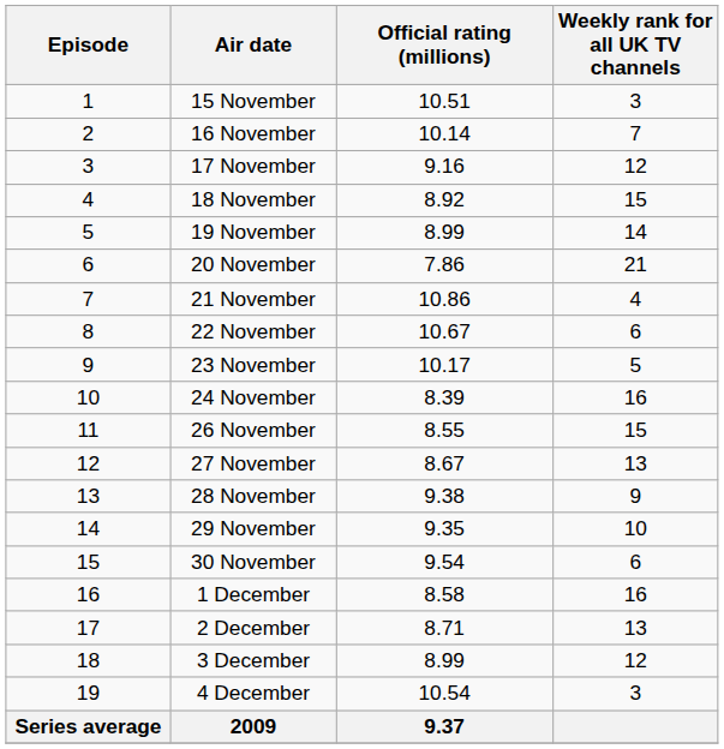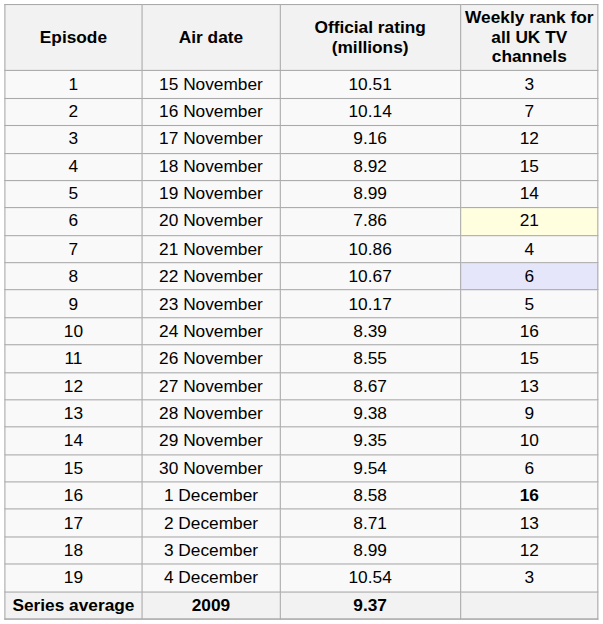 <table class="wikitable" style="text-align:center; margin: 1em auto 1em auto">
 <tr>
 <th scope="col" style="width:120px;">Episode</th>
 <th scope="col" style="width:120px;">Air date</th>
 <th scope="col" style="width:160px;">Official rating <br> (millions)</th>
 <th scope="col" style="width:120px;">Weekly rank for all UK TV channels</th>
 </tr>
 <tr>
 <td>1</td>
 <td>15 November</td>
 <td>10.51</td>
 <td>3</td>
 </tr>
 <tr>
 <td>2</td>
 <td>16 November</td>
 <td>10.14</td>
 <td>7</td>
 </tr>
 <tr>
 <td>3</td>
 <td>17 November</td>
 <td>9.16</td>
 <td>12</td>
 </tr>
 <tr>
 <td>4</td>
 <td>18 November</td>
 <td>8.92</td>
 <td>15</td>
 </tr>
 <tr>
 <td>5</td>
 <td>19 November</td>
 <td>8.99</td>
 <td>14</td>
 </tr>
 <tr>
 <td>6</td>
 <td>20 November</td>
 <td>7.86</td>
-<td>21</td>
+<td style="background: lightyellow;">21</td>
 </tr>
 <tr>
 <td>7</td>
 <td>21 November</td>
 <td>10.86</td>
 <td>4</td>
 </tr>
 <tr>
 <td>8</td>
 <td>22 November</td>
 <td>10.67</td>
-<td>6</td>
+<td style="background: lavender;">6</td>
 </tr>
 <tr>
 <td>9</td>
 <td>23 November</td>
 <td>10.17</td>
 <td>5</td>
 </tr>
 <tr>
 <td>10</td>
 <td>24 November</td>
 <td>8.39</td>
 <td>16</td>
 </tr>
 <tr>
 <td>11</td>
 <td>26 November</td>
 <td>8.55</td>
 <td>15</td>
 </tr>
 <tr>
 <td>12</td>
 <td>27 November</td>
 <td>8.67</td>
 <td>13</td>
 </tr>
 <tr>
 <td>13</td>
 <td>28 November</td>
 <td>9.38</td>
 <td>9</td>
 </tr>
 <tr>
 <td>14</td>
 <td>29 November</td>
 <td>9.35</td>
 <td>10</td>
 </tr>
 <tr>
 <td>15</td>
 <td>30 November</td>
 <td>9.54</td>
 <td>6</td>
 </tr>
 <tr>
 <td>16</td>
 <td>1 December</td>
 <td>8.58</td>
-<td>16</td>
+<td><strong>16</strong></td>
 </tr>
 <tr>
 <td>17</td>
 <td>2 December</td>
 <td>8.71</td>
 <td>13</td>
 </tr>
 <tr>
 <td>18</td>
 <td>3 December</td>
 <td>8.99</td>
 <td>12</td>
 </tr>
 <tr>
 <td>19</td>
 <td>4 December</td>
 <td>10.54</td>
 <td>3</td>
 </tr>
 <tr>
 <th>Series average</th>
 <th>2009</th>
 <th>9.37</th>
 <th></th>
 </tr>
 <tr>
 </tr>
 </table>
